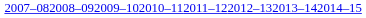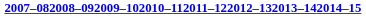 <table id="toc" class="toc" summary="Contents">
 <tr>
 <th></th>
 </tr>
 <tr>
-<td align="center"><br><a href='#'>2007–08</a><a href='#'>2008–09</a><a href='#'>2009–10</a><a href='#'>2010–11</a><a href='#'>2011–12</a><a href='#'>2012–13</a><a href='#'>2013–14</a><a href='#'>2014–15</a> </td>
+<td align="center"><strong><br><a href='#'>2007–08</a><a href='#'>2008–09</a><a href='#'>2009–10</a><a href='#'>2010–11</a><a href='#'>2011–12</a><a href='#'>2012–13</a><a href='#'>2013–14</a><a href='#'>2014–15</a> </strong></td>
 </tr>
 </table>
